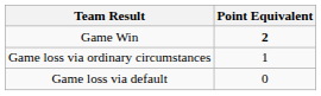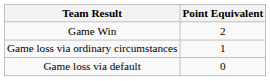 <table class="wikitable" style="text-align:center">
 <tr>
 <th>Team Result</th>
 <th>Point Equivalent</th>
 </tr>
 <tr>
 <td>Game Win</td>
-<td><strong>2</strong></td>
+<td>2</td>
 </tr>
 <tr>
 <td>Game loss via ordinary circumstances</td>
 <td>1</td>
 </tr>
 <tr>
 <td>Game loss via default</td>
 <td>0</td>
 </tr>
 </table>
